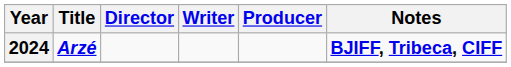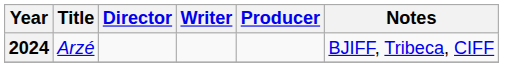 <table class="wikitable plainrowheaders">
 <tr>
 <th scope="col">Year</th>
 <th scope="col">Title</th>
 <th scope="col"><a href='#'>Director</a></th>
 <th scope="col"><a href='#'>Writer</a></th>
 <th scope="col"><a href='#'>Producer</a></th>
 <th scope="col">Notes</th>
 </tr>
 <tr>
 <th scope=row>2024</th>
-<td><strong><em><a href='#'>Arzé</a></em></strong></td>
+<td><em><a href='#'>Arzé</a></em></td>
 <td></td>
 <td></td>
 <td></td>
-<td><strong><a href='#'>BJIFF</a>, <a href='#'>Tribeca</a>, <a href='#'>CIFF</a></strong></td>
+<td><a href='#'>BJIFF</a>, <a href='#'>Tribeca</a>, <a href='#'>CIFF</a></td>
 </tr>
 <tr>
 </tr>
 </table>
